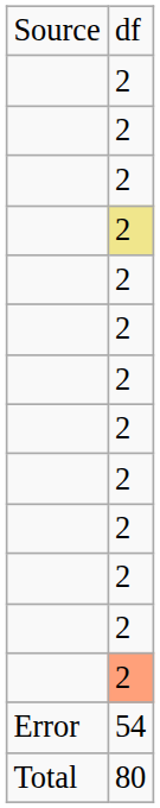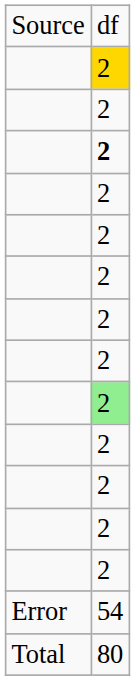 <table class="wikitable" style="float:right">
 <tr>
 <td>Source</td>
 <td>df</td>
 </tr>
 <tr>
 <td></td>
-<td>2</td>
+<td style="background: gold;">2</td>
 </tr>
 <tr>
 <td></td>
 <td>2</td>
 </tr>
 <tr>
 <td></td>
-<td>2</td>
-</tr>
-<tr>
-<td></td>
-<td style="background: khaki;">2</td>
+<td><strong>2</strong></td>
 </tr>
 <tr>
 <td></td>
 <td>2</td>
 </tr>
 <tr>
 <td></td>
 <td>2</td>
 </tr>
 <tr>
 <td></td>
 <td>2</td>
 </tr>
 <tr>
 <td></td>
 <td>2</td>
 </tr>
 <tr>
 <td></td>
 <td>2</td>
 </tr>
 <tr>
 <td></td>
+<td style="background: lightgreen;">2</td>
+</tr>
+<tr>
+<td></td>
 <td>2</td>
 </tr>
 <tr>
 <td></td>
 <td>2</td>
 </tr>
 <tr>
 <td></td>
 <td>2</td>
 </tr>
 <tr>
 <td></td>
-<td style="background: lightsalmon;">2</td>
+<td>2</td>
 </tr>
 <tr>
 <td>Error</td>
 <td>54</td>
 </tr>
 <tr>
 <td>Total</td>
 <td>80</td>
 </tr>
 </table>
